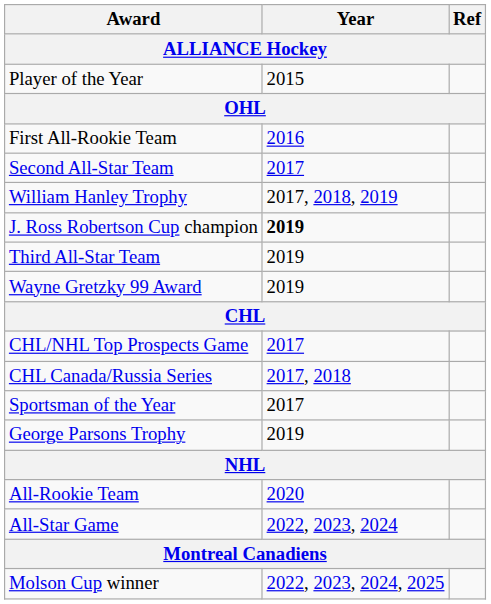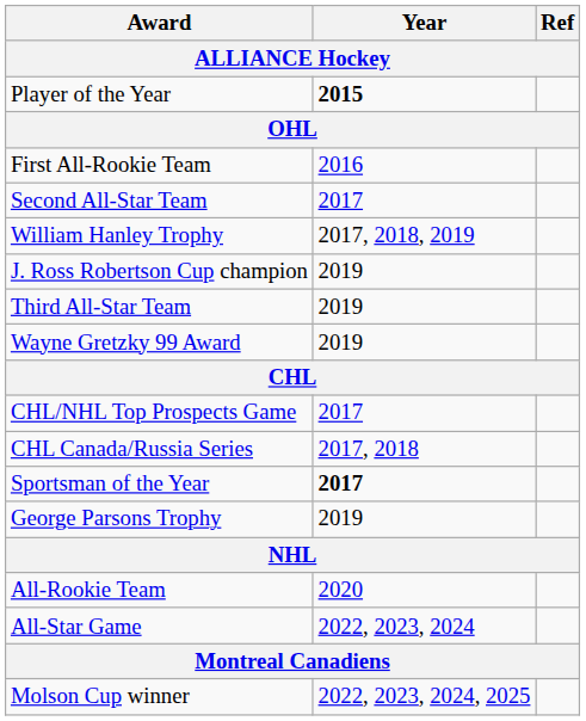 <table class="wikitable">
 <tr>
 <th>Award</th>
 <th>Year</th>
 <th>Ref</th>
 </tr>
 <tr>
 <th colspan="3"><a href='#'>ALLIANCE Hockey</a></th>
 </tr>
 <tr>
 <td>Player of the Year</td>
-<td>2015</td>
+<td><strong>2015</strong></td>
 <td></td>
 </tr>
 <tr>
 <th colspan="3"><a href='#'>OHL</a></th>
 </tr>
 <tr>
 <td>First All-Rookie Team</td>
 <td><a href='#'>2016</a></td>
 <td></td>
 </tr>
 <tr>
 <td><a href='#'>Second All-Star Team</a></td>
 <td><a href='#'>2017</a></td>
 <td></td>
 </tr>
 <tr>
 <td><a href='#'>William Hanley Trophy</a></td>
 <td>2017, <a href='#'>2018</a>, <a href='#'>2019</a></td>
 <td></td>
 </tr>
 <tr>
 <td><a href='#'>J. Ross Robertson Cup</a> champion</td>
-<td><strong>2019</strong></td>
+<td>2019</td>
 <td></td>
 </tr>
 <tr>
 <td><a href='#'>Third All-Star Team</a></td>
 <td>2019</td>
 <td></td>
 </tr>
 <tr>
 <td><a href='#'>Wayne Gretzky 99 Award</a></td>
 <td>2019</td>
 <td></td>
 </tr>
 <tr>
 <th colspan="3"><a href='#'>CHL</a></th>
 </tr>
 <tr>
 <td><a href='#'>CHL/NHL Top Prospects Game</a></td>
 <td><a href='#'>2017</a></td>
 <td></td>
 </tr>
 <tr>
 <td><a href='#'>CHL Canada/Russia Series</a></td>
 <td><a href='#'>2017</a>, <a href='#'>2018</a></td>
 <td></td>
 </tr>
 <tr>
 <td><a href='#'>Sportsman of the Year</a></td>
-<td>2017</td>
+<td><strong>2017</strong></td>
 <td></td>
 </tr>
 <tr>
 <td><a href='#'>George Parsons Trophy</a></td>
 <td>2019</td>
 <td></td>
 </tr>
 <tr>
 <th colspan="3"><a href='#'>NHL</a></th>
 </tr>
 <tr>
 <td><a href='#'>All-Rookie Team</a></td>
 <td><a href='#'>2020</a></td>
 <td></td>
 </tr>
 <tr>
 <td><a href='#'>All-Star Game</a></td>
 <td><a href='#'>2022</a>, <a href='#'>2023</a>, <a href='#'>2024</a></td>
 <td></td>
 </tr>
 <tr>
 <th colspan="3"><a href='#'>Montreal Canadiens</a></th>
 </tr>
 <tr>
 <td><a href='#'>Molson Cup</a> winner</td>
 <td><a href='#'>2022</a>, <a href='#'>2023</a>, <a href='#'>2024</a>, <a href='#'>2025</a></td>
 <td></td>
 </tr>
 </table>
